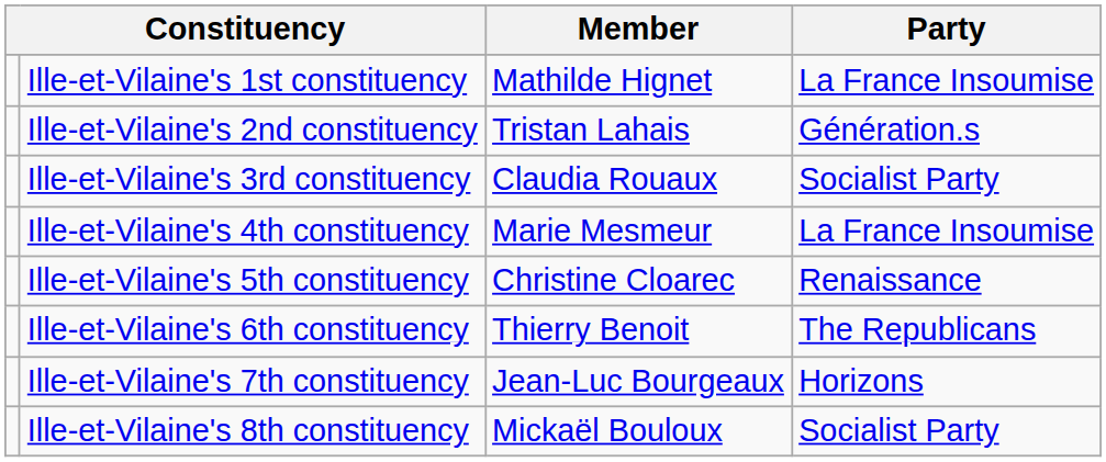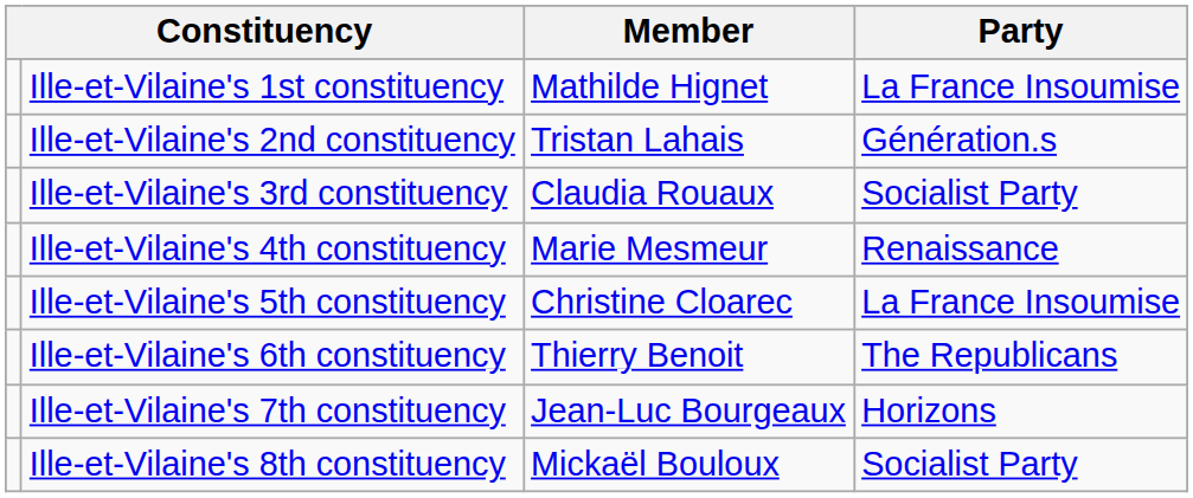 <table class="wikitable">
 <tr>
 <th colspan="2">Constituency</th>
 <th>Member</th>
 <th>Party</th>
 </tr>
 <tr>
 <td style="background-color: "></td>
 <td><a href='#'>Ille-et-Vilaine's 1st constituency</a></td>
 <td><a href='#'>Mathilde Hignet</a></td>
 <td><a href='#'>La France Insoumise</a></td>
 </tr>
 <tr>
 <td style="background-color: "></td>
 <td><a href='#'>Ille-et-Vilaine's 2nd constituency</a></td>
 <td><a href='#'>Tristan Lahais</a></td>
 <td><a href='#'>Génération.s</a></td>
 </tr>
 <tr>
 <td style="background-color: "></td>
 <td><a href='#'>Ille-et-Vilaine's 3rd constituency</a></td>
 <td><a href='#'>Claudia Rouaux</a></td>
 <td><a href='#'>Socialist Party</a></td>
 </tr>
 <tr>
 <td style="background-color: "></td>
 <td><a href='#'>Ille-et-Vilaine's 4th constituency</a></td>
 <td><a href='#'>Marie Mesmeur</a></td>
-<td><a href='#'>La France Insoumise</a></td>
+<td><a href='#'>Renaissance</a></td>
 </tr>
 <tr>
 <td style="background-color: "></td>
 <td><a href='#'>Ille-et-Vilaine's 5th constituency</a></td>
 <td><a href='#'>Christine Cloarec</a></td>
-<td><a href='#'>Renaissance</a></td>
+<td><a href='#'>La France Insoumise</a></td>
 </tr>
 <tr>
 <td style="background-color: "></td>
 <td><a href='#'>Ille-et-Vilaine's 6th constituency</a></td>
 <td><a href='#'>Thierry Benoit</a></td>
 <td><a href='#'>The Republicans</a></td>
 </tr>
 <tr>
 <td style="background-color: "></td>
 <td><a href='#'>Ille-et-Vilaine's 7th constituency</a></td>
 <td><a href='#'>Jean-Luc Bourgeaux</a></td>
 <td><a href='#'>Horizons</a></td>
 </tr>
 <tr>
 <td style="background-color: "></td>
 <td><a href='#'>Ille-et-Vilaine's 8th constituency</a></td>
 <td><a href='#'>Mickaël Bouloux</a></td>
 <td><a href='#'>Socialist Party</a></td>
 </tr>
 </table>
